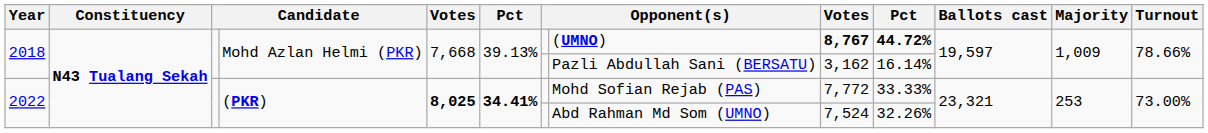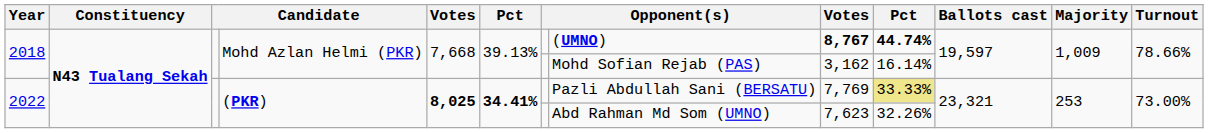 <table class="wikitable" style="margin:0.5em ; font-size:95%">
 <tr>
 <th>Year</th>
 <th>Constituency</th>
 <th colspan="2">Candidate</th>
 <th>Votes</th>
 <th>Pct</th>
 <th colspan="2">Opponent(s)</th>
 <th>Votes</th>
 <th>Pct</th>
 <th>Ballots cast</th>
 <th>Majority</th>
 <th>Turnout</th>
 </tr>
 <tr>
 <td rowspan=2><a href='#'>2018</a></td>
 <td rowspan=4><strong>N43 <a href='#'>Tualang Sekah</a></strong></td>
 <td rowspan=2 ></td>
 <td rowspan=2>Mohd Azlan Helmi (<a href='#'>PKR</a>)</td>
 <td rowspan=2 align=right>7,668</td>
 <td rowspan=2>39.13%</td>
 <td></td>
 <td> (<a href='#'><strong>UMNO</strong></a>)</td>
 <td align=right><strong>8,767</strong></td>
-<td><strong>44.72%</strong></td>
+<td><strong>44.74%</strong></td>
 <td rowspan=2>19,597</td>
 <td rowspan=2>1,009</td>
 <td rowspan=2>78.66%</td>
 </tr>
 <tr>
 <td></td>
-<td>Pazli Abdullah Sani (<a href='#'>BERSATU</a>)</td>
+<td>Mohd Sofian Rejab (<a href='#'>PAS</a>)</td>
 <td align=right>3,162</td>
 <td>16.14%</td>
 </tr>
 <tr>
 <td rowspan=2><a href='#'>2022</a></td>
 <td rowspan=2 ></td>
 <td rowspan=2> (<a href='#'><strong>PKR</strong></a>)</td>
 <td rowspan=2 align=right><strong>8,025</strong></td>
 <td rowspan=2><strong>34.41%</strong></td>
 <td></td>
-<td>Mohd Sofian Rejab (<a href='#'>PAS</a>)</td>
-<td align=right>7,772</td>
-<td>33.33%</td>
+<td>Pazli Abdullah Sani (<a href='#'>BERSATU</a>)</td>
+<td align=right>7,769</td>
+<td style="background: khaki;">33.33%</td>
 <td rowspan=2>23,321</td>
 <td rowspan=2>253</td>
 <td rowspan=2>73.00%</td>
 </tr>
 <tr>
 <td></td>
 <td>Abd Rahman Md Som (<a href='#'>UMNO</a>)</td>
-<td align=right>7,524</td>
+<td align=right>7,623</td>
 <td align=right>32.26%</td>
 </tr>
 </table>
